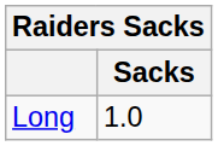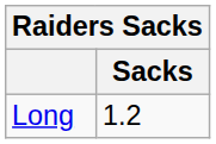 <table class="wikitable">
 <tr>
 <th colspan="2">Raiders Sacks</th>
 </tr>
 <tr>
 <th></th>
 <th>Sacks</th>
 </tr>
 <tr>
 <td><a href='#'>Long</a></td>
-<td>1.0</td>
+<td>1.2</td>
 </tr>
 </table>
